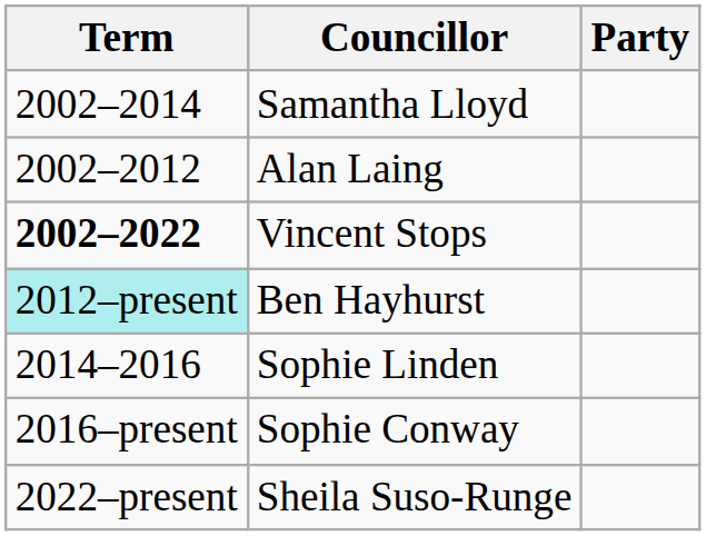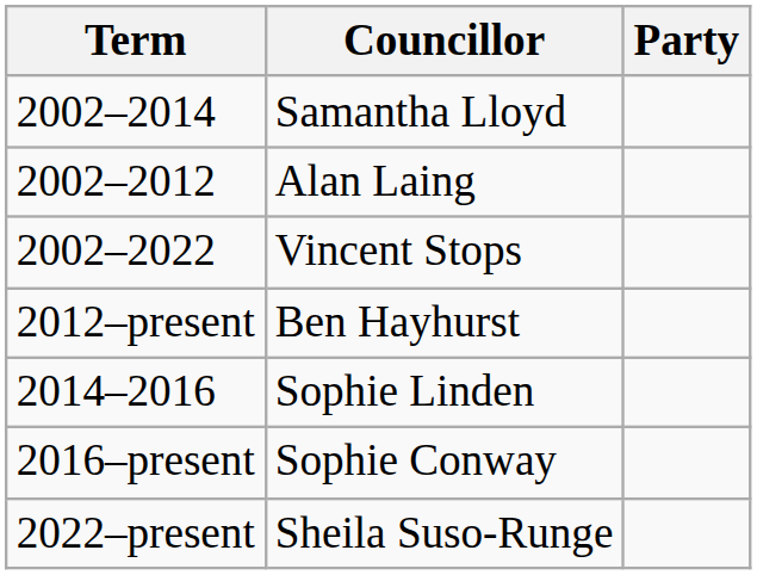 <table class="wikitable">
 <tr>
 <th>Term</th>
 <th>Councillor</th>
 <th colspan=2>Party</th>
 </tr>
 <tr>
 <td>2002–2014</td>
 <td>Samantha Lloyd</td>
 <td></td>
 </tr>
 <tr>
 <td>2002–2012</td>
 <td>Alan Laing</td>
 <td></td>
 </tr>
 <tr>
-<td><strong>2002–2022</strong></td>
+<td>2002–2022</td>
 <td>Vincent Stops</td>
 <td></td>
 </tr>
 <tr>
-<td style="background: paleturquoise;">2012–present</td>
+<td>2012–present</td>
 <td>Ben Hayhurst</td>
 <td></td>
 </tr>
 <tr>
 <td>2014–2016</td>
 <td>Sophie Linden</td>
 <td></td>
 </tr>
 <tr>
 <td>2016–present</td>
 <td>Sophie Conway</td>
 <td></td>
 </tr>
 <tr>
 <td>2022–present</td>
 <td>Sheila Suso-Runge</td>
 <td></td>
 </tr>
 </table>
